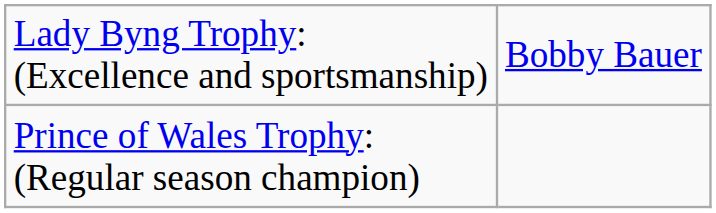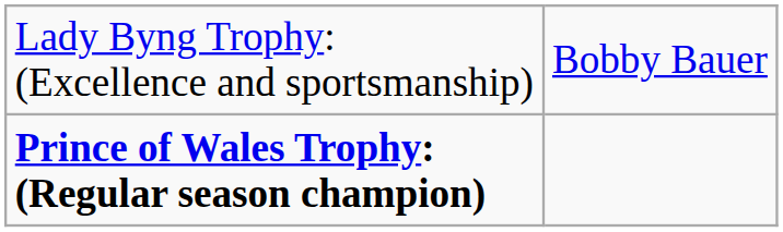 <table class="wikitable">
 <tr>
 <td><a href='#'>Lady Byng Trophy</a>:<br>(Excellence and sportsmanship)</td>
 <td><a href='#'>Bobby Bauer</a></td>
 </tr>
 <tr>
-<td><a href='#'>Prince of Wales Trophy</a>:<br>(Regular season champion)</td>
+<td><strong><a href='#'>Prince of Wales Trophy</a>:<br>(Regular season champion)</strong></td>
 </tr>
 </table>
